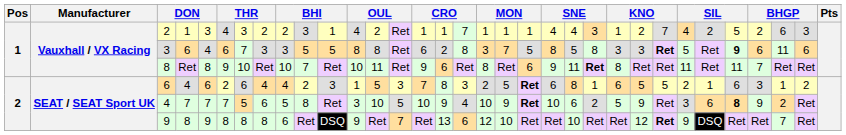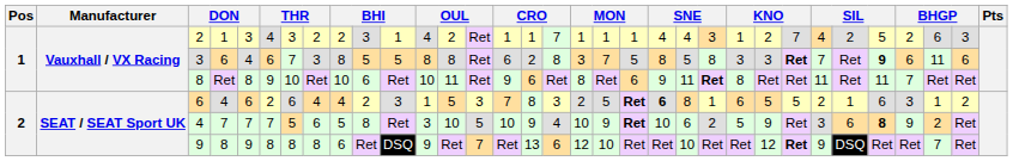 <table class="wikitable" style="font-size: 85%; text-align: center;">
 <tr valign="top">
 <th valign="middle">Pos</th>
 <th valign="middle">Manufacturer</th>
 <th colspan="3"><a href='#'>DON</a></th>
 <th colspan="3"><a href='#'>THR</a></th>
 <th colspan="3"><a href='#'>BHI</a></th>
 <th colspan="3"><a href='#'>OUL</a></th>
 <th colspan="3"><a href='#'>CRO</a></th>
 <th colspan="3"><a href='#'>MON</a></th>
 <th colspan="3"><a href='#'>SNE</a></th>
 <th colspan="3"><a href='#'>KNO</a></th>
 <th colspan="3"><a href='#'>SIL</a></th>
 <th colspan="3"><a href='#'>BHGP</a></th>
 <th valign=middle>Pts</th>
 </tr>
 <tr>
 <th rowspan=3>1</th>
 <th rowspan=3 align=left><a href='#'>Vauxhall</a> / <a href='#'>VX Racing</a></th>
 <td style="background:#FFFFBF;" width="15">2</td>
 <td style="background:#FFFFBF;" width="15">1</td>
 <td style="background:#FFFFBF;" width="15">3</td>
 <td style="background:#DFDFDF;">4</td>
 <td style="background:#FFFFBF;" width="15">3</td>
 <td style="background:#FFFFBF;" width="15">2</td>
 <td style="background:#FFFFBF;" width="15">2</td>
 <td style="background:#DFDFDF;">3</td>
 <td style="background:#FFFFBF;" width="15">1</td>
 <td style="background:#DFDFDF;">4</td>
 <td style="background:#FFFFBF;" width="15">2</td>
 <td style="background:#EFCFFF;">Ret</td>
 <td style="background:#FFFFBF;" width="15">1</td>
 <td style="background:#FFFFBF;" width="15">1</td>
 <td style="background:#DFFFDF;">7</td>
 <td style="background:#FFFFBF;" width="15">1</td>
 <td style="background:#FFFFBF;" width="15">1</td>
 <td style="background:#FFFFBF;" width="15">1</td>
 <td style="background:#FFFFBF;" width="15">4</td>
 <td style="background:#FFFFBF;" width="15">4</td>
 <td style="background:#FFDF9F;">3</td>
 <td style="background:#FFFFBF;" width="15">1</td>
 <td style="background:#FFFFBF;" width="15">2</td>
 <td style="background:#DFDFDF;">7</td>
 <td style="background:#FFDF9F;">4</td>
 <td style="background:#DFDFDF;">2</td>
 <td style="background:#FFFFBF;" width="15">5</td>
 <td style="background:#FFFFBF;" width="15">2</td>
 <td style="background:#DFDFDF;">6</td>
 <td style="background:#DFDFDF;">3</td>
 <th rowspan=3></th>
 </tr>
 <tr>
 <td style="background:#DFDFDF;">3</td>
 <td style="background:#FFDF9F;">6</td>
 <td style="background:#DFDFDF;">4</td>
 <td style="background:#FFDF9F;">6</td>
 <td style="background:#DFFFDF;">7</td>
 <td style="background:#DFDFDF;">3</td>
-<td style="background:#DFDFDF;">3</td>
+<td style="background:#DFDFDF;">8</td>
 <td style="background:#FFDF9F;">5</td>
 <td style="background:#FFDF9F;">5</td>
 <td style="background:#FFDF9F;">8</td>
 <td style="background:#DFDFDF;">8</td>
 <td style="background:#EFCFFF;">Ret</td>
 <td style="background:#DFDFDF;">6</td>
 <td style="background:#DFDFDF;">2</td>
 <td style="background:#DFFFDF;">8</td>
 <td style="background:#FFDF9F;">3</td>
 <td style="background:#FFDF9F;">7</td>
 <td style="background:#DFDFDF;">5</td>
 <td style="background:#FFDF9F;">8</td>
 <td style="background:#DFDFDF;">5</td>
 <td style="background:#DFFFDF;">8</td>
 <td style="background:#DFDFDF;">3</td>
 <td style="background:#DFDFDF;">3</td>
 <td style="background:#EFCFFF;"><strong>Ret</strong></td>
-<td style="background:#DFFFDF;">5</td>
+<td style="background:#DFFFDF;">7</td>
 <td style="background:#EFCFFF;">Ret</td>
 <td style="background:#DFFFDF;"><strong>9</strong></td>
 <td style="background:#FFDF9F;">6</td>
 <td style="background:#DFFFDF;">11</td>
 <td style="background:#FFDF9F;">6</td>
 </tr>
 <tr>
 <td style="background:#DFFFDF;">8</td>
 <td style="background:#EFCFFF;">Ret</td>
 <td style="background:#DFFFDF;">8</td>
 <td style="background:#DFFFDF;">9</td>
 <td style="background:#DFFFDF;">10</td>
 <td style="background:#EFCFFF;">Ret</td>
 <td style="background:#DFFFDF;">10</td>
-<td style="background:#DFFFDF;">7</td>
+<td style="background:#DFFFDF;">6</td>
 <td style="background:#EFCFFF;">Ret</td>
 <td style="background:#DFFFDF;">10</td>
 <td style="background:#DFFFDF;">11</td>
 <td style="background:#EFCFFF;">Ret</td>
 <td style="background:#DFFFDF;">9</td>
 <td style="background:#FFDF9F;">6</td>
 <td style="background:#EFCFFF;">Ret</td>
 <td style="background:#DFFFDF;">8</td>
 <td style="background:#EFCFFF;">Ret</td>
 <td style="background:#FFDF9F;">6</td>
 <td style="background:#DFFFDF;">9</td>
 <td style="background:#DFFFDF;">11</td>
 <td style="background:#EFCFFF;"><strong>Ret</strong></td>
 <td style="background:#DFFFDF;">8</td>
 <td style="background:#EFCFFF;">Ret</td>
 <td style="background:#EFCFFF;">Ret</td>
 <td style="background:#DFFFDF;">11</td>
 <td style="background:#EFCFFF;">Ret</td>
 <td style="background:#DFFFDF;">11</td>
 <td style="background:#DFFFDF;">7</td>
 <td style="background:#EFCFFF;">Ret</td>
 <td style="background:#EFCFFF;">Ret</td>
 </tr>
 <tr>
 <th rowspan=3>2</th>
 <th rowspan=3 align=left nowrap><a href='#'>SEAT</a> / <a href='#'>SEAT Sport UK</a></th>
 <td style="background:#FFDF9F;">6</td>
 <td style="background:#DFDFDF;">4</td>
 <td style="background:#FFDF9F;">6</td>
 <td style="background:#FFFFBF;" width="15">2</td>
 <td style="background:#DFDFDF;">6</td>
 <td style="background:#FFDF9F;">4</td>
 <td style="background:#FFDF9F;">4</td>
 <td style="background:#FFFFBF;" width="15">2</td>
 <td style="background:#DFDFDF;">3</td>
 <td style="background:#FFFFBF;" width="15">1</td>
 <td style="background:#FFDF9F;">5</td>
 <td style="background:#FFFFBF;" width="15">3</td>
 <td style="background:#FFDF9F;">7</td>
 <td style="background:#DFFFDF;">8</td>
 <td style="background:#FFFFBF;" width="15">3</td>
 <td style="background:#DFDFDF;">2</td>
 <td style="background:#DFDFDF;">5</td>
 <td style="background:#EFCFFF;"><strong>Ret</strong></td>
-<td style="background:#DFDFDF;">6</td>
+<td style="background:#DFDFDF;"><strong>6</strong></td>
 <td style="background:#FFDF9F;">8</td>
 <td style="background:#FFFFBF;" width="15">1</td>
 <td style="background:#FFDF9F;">6</td>
 <td style="background:#FFDF9F;">5</td>
 <td style="background:#FFFFBF;" width="15">5</td>
 <td style="background:#FFFFBF;" width="15">2</td>
 <td style="background:#FFFFBF;" width="15">1</td>
 <td style="background:#DFDFDF;">6</td>
 <td style="background:#DFDFDF;">3</td>
 <td style="background:#FFFFBF;" width="15">1</td>
 <td style="background:#FFFFBF;" width="15">2</td>
 <th rowspan=3></th>
 </tr>
 <tr>
 <td style="background:#DFFFDF;">4</td>
 <td style="background:#DFFFDF;">7</td>
 <td style="background:#DFFFDF;">7</td>
 <td style="background:#DFFFDF;">7</td>
 <td style="background:#FFDF9F;">5</td>
 <td style="background:#DFFFDF;">6</td>
 <td style="background:#DFFFDF;">5</td>
 <td style="background:#DFFFDF;">8</td>
 <td style="background:#EFCFFF;">Ret</td>
 <td style="background:#DFFFDF;">3</td>
 <td style="background:#DFFFDF;">10</td>
 <td style="background:#DFDFDF;">5</td>
 <td style="background:#DFFFDF;">10</td>
 <td style="background:#DFFFDF;">9</td>
 <td style="background:#DFDFDF;">4</td>
 <td style="background:#DFFFDF;">10</td>
 <td style="background:#DFFFDF;">9</td>
 <td style="background:#EFCFFF;"><strong>Ret</strong></td>
 <td style="background:#DFFFDF;">10</td>
 <td style="background:#DFFFDF;">6</td>
 <td style="background:#DFDFDF;">2</td>
 <td style="background:#DFFFDF;">5</td>
 <td style="background:#DFFFDF;">9</td>
 <td style="background:#EFCFFF;">Ret</td>
 <td style="background:#DFDFDF;">3</td>
 <td style="background:#FFDF9F;">6</td>
 <td style="background:#FFDF9F;"><strong>8</strong></td>
 <td style="background:#DFFFDF;">9</td>
 <td style="background:#FFDF9F;">2</td>
 <td style="background:#EFCFFF;">Ret</td>
 </tr>
 <tr>
 <td style="background:#DFFFDF;">9</td>
 <td style="background:#DFFFDF;">8</td>
 <td style="background:#DFFFDF;">9</td>
 <td style="background:#DFFFDF;">8</td>
 <td style="background:#DFFFDF;">8</td>
 <td style="background:#DFFFDF;">8</td>
 <td style="background:#DFFFDF;">6</td>
 <td style="background:#EFCFFF;">Ret</td>
 <td style="background:#000000; color:white">DSQ</td>
 <td style="background:#DFFFDF;">9</td>
 <td style="background:#EFCFFF;">Ret</td>
 <td style="background:#FFDF9F;">7</td>
 <td style="background:#EFCFFF;">Ret</td>
 <td style="background:#DFFFDF;">13</td>
 <td style="background:#FFDF9F;">6</td>
 <td style="background:#DFFFDF;">12</td>
 <td style="background:#DFFFDF;">10</td>
 <td style="background:#EFCFFF;">Ret</td>
 <td style="background:#EFCFFF;">Ret</td>
 <td style="background:#DFFFDF;">10</td>
 <td style="background:#EFCFFF;">Ret</td>
 <td style="background:#EFCFFF;">Ret</td>
 <td style="background:#DFFFDF;">12</td>
 <td style="background:#EFCFFF;"><strong>Ret</strong></td>
 <td style="background:#DFFFDF;">9</td>
 <td style="background:#000000; color:white">DSQ</td>
 <td style="background:#EFCFFF;">Ret</td>
 <td style="background:#EFCFFF;">Ret</td>
 <td style="background:#DFFFDF;">7</td>
 <td style="background:#EFCFFF;">Ret</td>
 </tr>
 </table>
